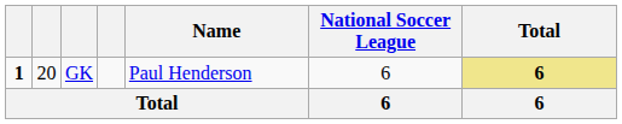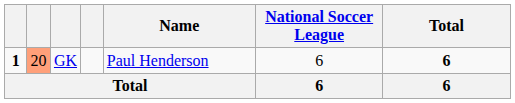 <table class="wikitable" style="text-align:center">
 <tr>
 <th width=15></th>
 <th width=15></th>
 <th width=15></th>
 <th width=15></th>
 <th width=145>Name</th>
 <th width=120><a href='#'>National Soccer League</a></th>
 <th width=120>Total</th>
 </tr>
 <tr>
 <td><strong>1</strong></td>
-<td>20</td>
+<td style="background: lightsalmon;">20</td>
 <td><a href='#'>GK</a></td>
 <td></td>
 <td align=left><a href='#'>Paul Henderson</a></td>
 <td>6</td>
-<td style="background: khaki;"><strong>6</strong></td>
+<td><strong>6</strong></td>
 </tr>
 <tr>
 <th colspan="5"><strong>Total</strong></th>
 <th>6</th>
 <th>6</th>
 </tr>
 </table>
